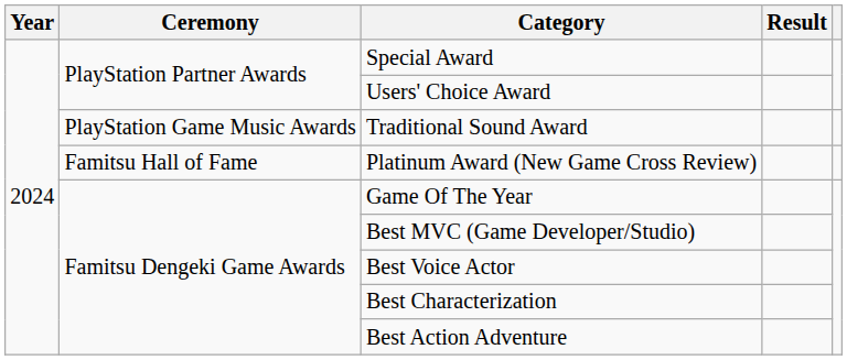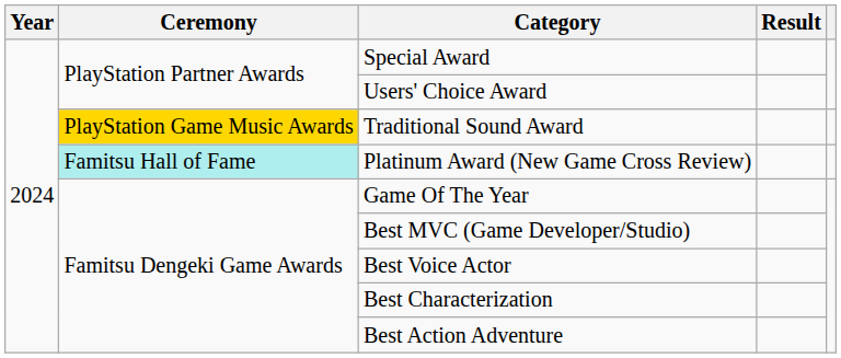 <table class="wikitable plainrowheaders sortable" width="auto">
 <tr>
 <th scope="col">Year</th>
 <th scope="col">Ceremony</th>
 <th scope="col">Category</th>
 <th>Result</th>
 <th class="unsortable" scope="col"></th>
 </tr>
 <tr>
 <td rowspan="9">2024</td>
 <td rowspan="2">PlayStation Partner Awards</td>
 <td>Special Award</td>
 <td></td>
 <td rowspan="2"></td>
 </tr>
 <tr>
 <td>Users' Choice Award</td>
 <td></td>
 </tr>
 <tr>
-<td>PlayStation Game Music Awards</td>
+<td style="background: gold;">PlayStation Game Music Awards</td>
 <td>Traditional Sound Award</td>
 <td></td>
 <td></td>
 </tr>
 <tr>
-<td>Famitsu Hall of Fame</td>
+<td style="background: paleturquoise;">Famitsu Hall of Fame</td>
 <td>Platinum Award (New Game Cross Review)</td>
 <td></td>
 <td></td>
 </tr>
 <tr>
 <td rowspan="5">Famitsu Dengeki Game Awards</td>
 <td>Game Of The Year</td>
 <td></td>
 <td rowspan="5"></td>
 </tr>
 <tr>
 <td>Best MVC (Game Developer/Studio)</td>
 <td></td>
 </tr>
 <tr>
 <td>Best Voice Actor</td>
 <td></td>
 </tr>
 <tr>
 <td>Best Characterization</td>
 <td></td>
 </tr>
 <tr>
 <td>Best Action Adventure</td>
 <td></td>
 </tr>
 </table>
